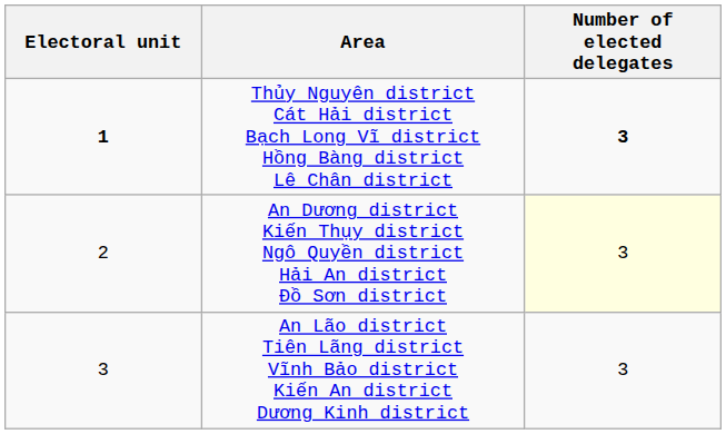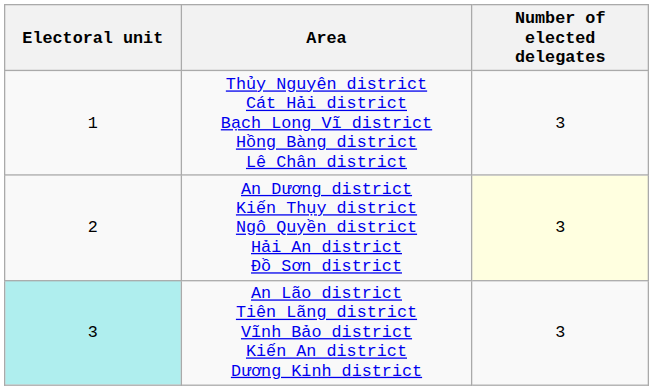 <table class="wikitable" style="text-align:center; width:500px;">
 <tr>
 <th width=60>Electoral unit</th>
 <th width=120>Area</th>
 <th width=60>Number of elected delegates</th>
 </tr>
 <tr>
-<td><strong>1</strong></td>
+<td>1</td>
 <td><a href='#'>Thủy Nguyên district</a><br><a href='#'>Cát Hải district</a><br><a href='#'>Bạch Long Vĩ district</a><br><a href='#'>Hồng Bàng district</a><br><a href='#'>Lê Chân district</a></td>
-<td><strong>3</strong></td>
+<td>3</td>
 </tr>
 <tr>
 <td>2</td>
 <td><a href='#'>An Dương district</a><br><a href='#'>Kiến Thụy district</a><br><a href='#'>Ngô Quyền district</a><br><a href='#'>Hải An district</a><br><a href='#'>Đồ Sơn district</a></td>
 <td style="background: lightyellow;">3</td>
 </tr>
 <tr>
-<td>3</td>
+<td style="background: paleturquoise;">3</td>
 <td><a href='#'>An Lão district</a><br><a href='#'>Tiên Lãng district</a><br><a href='#'>Vĩnh Bảo district</a><br><a href='#'>Kiến An district</a><br><a href='#'>Dương Kinh district</a></td>
 <td>3</td>
 </tr>
 </table>
